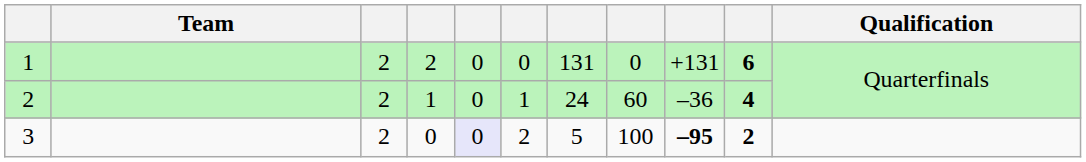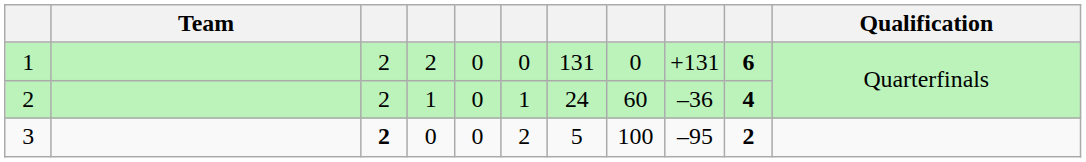 <table class="wikitable" style="text-align:center;">
 <tr>
 <th style="width:1.5em;"></th>
 <th style="width:12.5em">Team</th>
 <th style="width:1.5em;"></th>
 <th style="width:1.5em;"></th>
 <th style="width:1.5em;"></th>
 <th style="width:1.5em;"></th>
 <th style="width:2.0em;"></th>
 <th style="width:2.0em;"></th>
 <th style="width:2.0em;"></th>
 <th style="width:1.5em;"></th>
 <th style="width:12.5em">Qualification</th>
 </tr>
 <tr bgcolor="#bbf3bb">
 <td>1</td>
 <td align="left"></td>
 <td>2</td>
 <td>2</td>
 <td>0</td>
 <td>0</td>
 <td>131</td>
 <td>0</td>
 <td>+131</td>
 <td><strong>6</strong></td>
 <td rowspan=2>Quarterfinals</td>
 </tr>
 <tr bgcolor="#bbf3bb">
 <td>2</td>
 <td align="left"></td>
 <td>2</td>
 <td>1</td>
 <td>0</td>
 <td>1</td>
 <td>24</td>
 <td>60</td>
 <td>–36</td>
 <td><strong>4</strong></td>
 </tr>
 <tr>
 <td>3</td>
 <td align="left"></td>
-<td>2</td>
+<td><strong>2</strong></td>
 <td>0</td>
-<td style="background: lavender;">0</td>
+<td>0</td>
 <td>2</td>
 <td>5</td>
 <td>100</td>
-<td><strong>–95</strong></td>
+<td>–95</td>
 <td><strong>2</strong></td>
 <td></td>
 </tr>
 </table>
